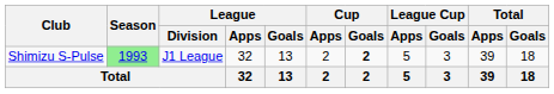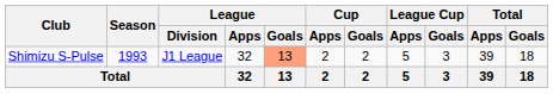 <table class="wikitable" style="text-align:center;">
 <tr>
 <th rowspan="2">Club</th>
 <th rowspan="2">Season</th>
 <th colspan="3">League</th>
 <th colspan="2">Cup</th>
 <th colspan="2">League Cup</th>
 <th colspan="2">Total</th>
 </tr>
 <tr>
 <th>Division</th>
 <th>Apps</th>
 <th>Goals</th>
 <th>Apps</th>
 <th>Goals</th>
 <th>Apps</th>
 <th>Goals</th>
 <th>Apps</th>
 <th>Goals</th>
 </tr>
 <tr>
 <td><a href='#'>Shimizu S-Pulse</a></td>
-<td style="background: lightgreen;"><a href='#'>1993</a></td>
+<td><a href='#'>1993</a></td>
 <td><a href='#'>J1 League</a></td>
 <td>32</td>
-<td>13</td>
+<td style="background: lightsalmon;">13</td>
 <td>2</td>
-<td><strong>2</strong></td>
+<td>2</td>
 <td>5</td>
 <td>3</td>
 <td>39</td>
 <td>18</td>
 </tr>
 <tr>
 <th colspan="3">Total</th>
 <th>32</th>
 <th>13</th>
 <th>2</th>
 <th>2</th>
 <th>5</th>
 <th>3</th>
 <th>39</th>
 <th>18</th>
 </tr>
 </table>
